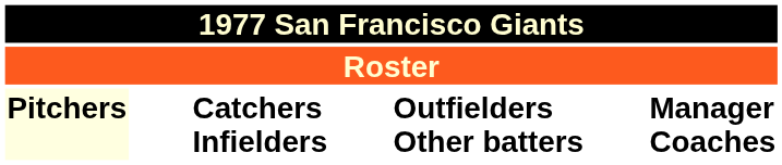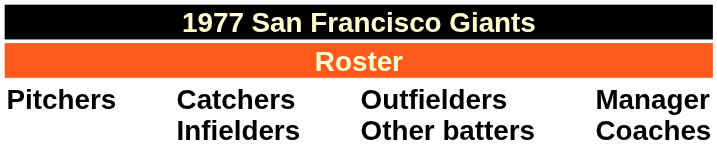 <table class="toccolours" style="font-size: 95%;">
 <tr>
 <th colspan="10" style="background-color: black; color: #FFFDD0; text-align: center;">1977 San Francisco Giants</th>
 </tr>
 <tr>
 <td colspan="10" style="background-color: #fd5a1e; color: #FFFDD0; text-align: center;"><strong>Roster</strong></td>
 </tr>
 <tr>
-<td valign="top" style="background: lightyellow;"><strong>Pitchers</strong><br>            </td>
+<td valign="top"><strong>Pitchers</strong><br>            </td>
 <td width="25px"></td>
 <td valign="top"><strong>Catchers</strong><br>    <strong>Infielders</strong>        </td>
 <td width="25px"></td>
 <td valign="top"><strong>Outfielders</strong><br>       <strong>Other batters</strong> </td>
 <td width="25px"></td>
 <td valign="top"><strong>Manager</strong><br> <strong>Coaches</strong>    </td>
 </tr>
 <tr>
 </tr>
 </table>
